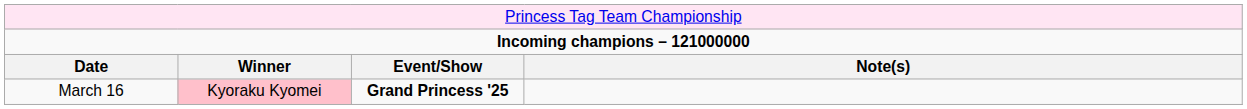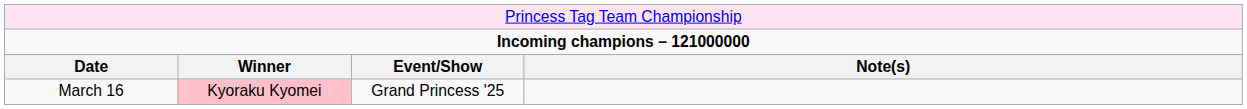 <table class="wikitable" style="text-align:center; width:100%;">
 <tr style="background:#ffe5f3;">
 <td colspan="4" style="text-align: center;"><a href='#'>Princess Tag Team Championship</a></td>
 </tr>
 <tr>
 <td colspan="4" style="text-align: center;"><strong>Incoming champions – 121000000 </strong></td>
 </tr>
 <tr>
 <th width=14%>Date</th>
 <th width=14%>Winner</th>
 <th width=14%>Event/Show</th>
 <th width=58%>Note(s)</th>
 </tr>
 <tr>
 <td>March 16</td>
 <td style="background: pink;">Kyoraku Kyomei<br></td>
-<td><strong>Grand Princess '25</strong></td>
+<td>Grand Princess '25</td>
 <td></td>
 </tr>
 </table>
